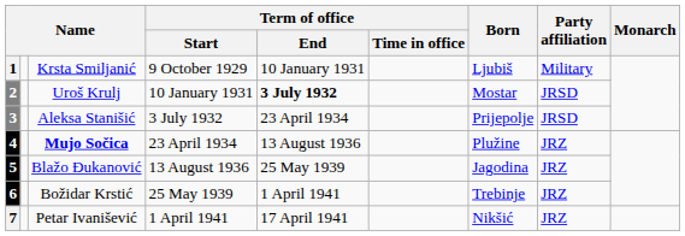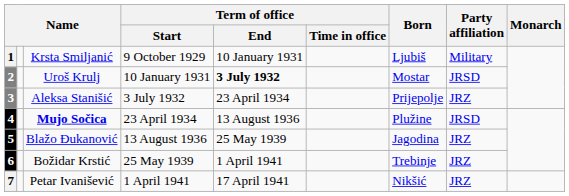 <table class="wikitable" style="text-align:left">
 <tr>
 <th colspan=3 rowspan="2" width=90>Name</th>
 <th colspan="3" width="110">Term of office</th>
 <th rowspan="2">Born</th>
 <th rowspan=2>Party <br>affiliation</th>
 <th rowspan=2>Monarch</th>
 </tr>
 <tr>
 <th>Start</th>
 <th>End</th>
 <th>Time in office</th>
 </tr>
 <tr>
 <th style="background:">1</th>
 <td></td>
 <td align="center"><a href='#'>Krsta Smiljanić</a></td>
 <td>9 October 1929</td>
 <td>10 January 1931</td>
 <td></td>
 <td> <a href='#'>Ljubiš</a><br></td>
 <td><a href='#'>Military</a></td>
 <td rowspan=3><br></td>
 </tr>
 <tr>
 <th align=center style="background:grey; color:white;">2</th>
 <td></td>
 <td align="center"><a href='#'>Uroš Krulj</a></td>
 <td>10 January 1931</td>
 <td><strong>3 July 1932</strong></td>
 <td></td>
 <td> <a href='#'>Mostar</a><br></td>
 <td><a href='#'>JRSD</a></td>
 </tr>
 <tr>
 <th align=center style="background:grey; color:white;">3</th>
 <td></td>
 <td align="center"><a href='#'>Aleksa Stanišić</a></td>
 <td>3 July 1932</td>
 <td>23 April 1934</td>
 <td></td>
 <td> <a href='#'>Prijepolje</a><br></td>
-<td><a href='#'>JRSD</a></td>
+<td><a href='#'>JRZ</a></td>
 </tr>
 <tr>
 <th align=center style="background:black; color:white;">4</th>
 <td></td>
 <td align="center"><strong><a href='#'>Mujo Sočica</a></strong></td>
 <td>23 April 1934</td>
 <td>13 August 1936</td>
 <td></td>
 <td> <a href='#'>Plužine</a><br></td>
-<td><a href='#'>JRZ</a></td>
+<td><a href='#'>JRSD</a></td>
 <td rowspan=3><br></td>
 </tr>
 <tr>
 <th align=center style="background:black; color:white;">5</th>
 <td></td>
 <td align="center"><a href='#'>Blažo Đukanović</a></td>
 <td>13 August 1936</td>
 <td>25 May 1939</td>
 <td></td>
 <td> <a href='#'>Jagodina</a><br></td>
 <td><a href='#'>JRZ</a></td>
 </tr>
 <tr>
 <th align=center style="background:black; color:white;">6</th>
 <td></td>
 <td align="center">Božidar Krstić</td>
 <td>25 May 1939</td>
 <td>1 April 1941</td>
 <td></td>
 <td> <a href='#'>Trebinje</a><br></td>
 <td><a href='#'>JRZ</a></td>
 </tr>
 <tr>
 <th style="background:">7</th>
 <td></td>
 <td align="center">Petar Ivanišević</td>
 <td>1 April 1941</td>
 <td>17 April 1941</td>
 <td></td>
 <td> <a href='#'>Nikšić</a><br></td>
 <td><a href='#'>JRZ</a></td>
 <td rowspan=3><br></td>
 </tr>
 </table>
